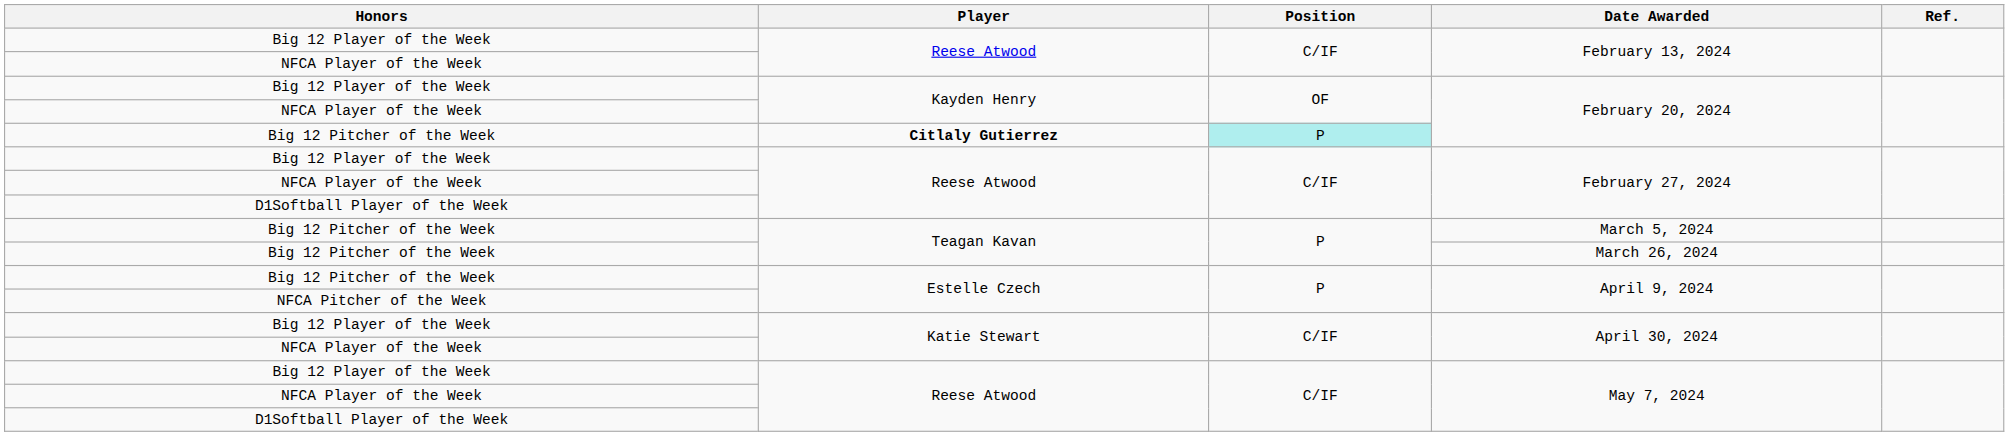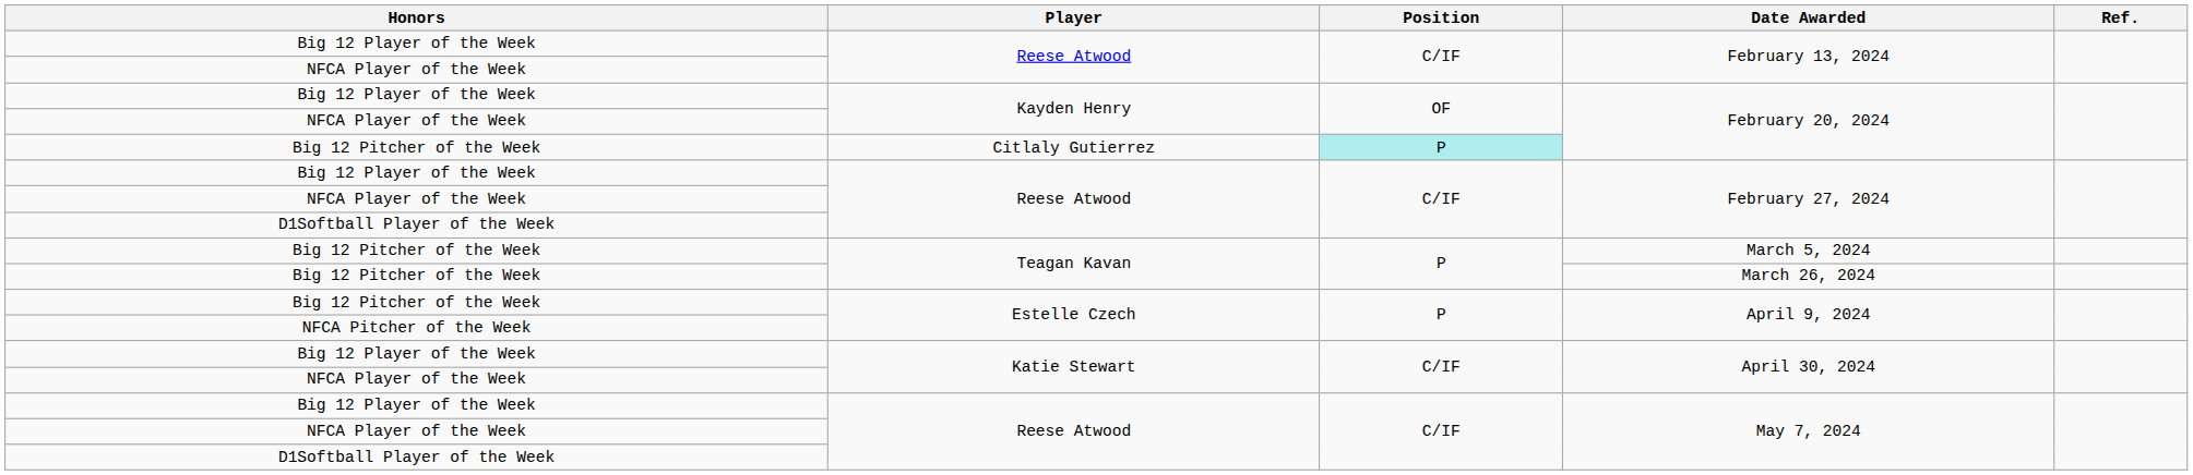 <table class="wikitable" style="width: 90%;text-align: center;">
 <tr>
 <th style=>Honors</th>
 <th style=>Player</th>
 <th style=>Position</th>
 <th style=>Date Awarded</th>
 <th style=>Ref.</th>
 </tr>
 <tr align="center">
 <td>Big 12 Player of the Week</td>
 <td rowspan="2"><a href='#'>Reese Atwood</a></td>
 <td rowspan="2">C/IF</td>
 <td rowspan="2">February 13, 2024</td>
 <td rowspan="2"></td>
 </tr>
 <tr align="center">
 <td>NFCA Player of the Week</td>
 </tr>
 <tr align="center">
 <td>Big 12 Player of the Week</td>
 <td rowspan="2">Kayden Henry</td>
 <td rowspan="2">OF</td>
 <td rowspan="3">February 20, 2024</td>
 <td rowspan="3"></td>
 </tr>
 <tr align="center">
 <td>NFCA Player of the Week</td>
 </tr>
 <tr align="center">
 <td>Big 12 Pitcher of the Week</td>
-<td><strong>Citlaly Gutierrez</strong></td>
+<td>Citlaly Gutierrez</td>
 <td style="background: paleturquoise;">P</td>
 </tr>
 <tr align="center">
 <td>Big 12 Player of the Week</td>
 <td rowspan="3">Reese Atwood</td>
 <td rowspan="3">C/IF</td>
 <td rowspan="3">February 27, 2024</td>
 <td rowspan="3"></td>
 </tr>
 <tr align="center">
 <td>NFCA Player of the Week</td>
 </tr>
 <tr align="center">
 <td>D1Softball Player of the Week</td>
 </tr>
 <tr align="center">
 <td>Big 12 Pitcher of the Week</td>
 <td rowspan="2">Teagan Kavan</td>
 <td rowspan="2">P</td>
 <td>March 5, 2024</td>
 <td></td>
 </tr>
 <tr align="center">
 <td>Big 12 Pitcher of the Week</td>
 <td>March 26, 2024</td>
 <td></td>
 </tr>
 <tr align="center">
 <td>Big 12 Pitcher of the Week</td>
 <td rowspan="2">Estelle Czech</td>
 <td rowspan="2">P</td>
 <td rowspan="2">April 9, 2024</td>
 <td rowspan="2"></td>
 </tr>
 <tr align="center">
 <td>NFCA Pitcher of the Week</td>
 </tr>
 <tr align="center">
 <td>Big 12 Player of the Week</td>
 <td rowspan="2">Katie Stewart</td>
 <td rowspan="2">C/IF</td>
 <td rowspan="2">April 30, 2024</td>
 <td rowspan="2"></td>
 </tr>
 <tr align="center">
 <td>NFCA Player of the Week</td>
 </tr>
 <tr align="center">
 <td>Big 12 Player of the Week</td>
 <td rowspan="3">Reese Atwood</td>
 <td rowspan="3">C/IF</td>
 <td rowspan="3">May 7, 2024</td>
 <td rowspan="3"></td>
 </tr>
 <tr align="center">
 <td>NFCA Player of the Week</td>
 </tr>
 <tr align="center">
 <td>D1Softball Player of the Week</td>
 </tr>
 </table>
